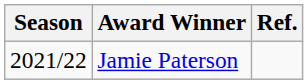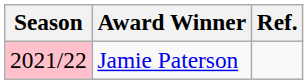 <table class="wikitable">
 <tr>
 <th>Season</th>
 <th>Award Winner</th>
 <th>Ref.</th>
 </tr>
 <tr>
-<td>2021/22</td>
+<td style="background: pink;">2021/22</td>
 <td><a href='#'>Jamie Paterson</a></td>
 </tr>
 </table>
